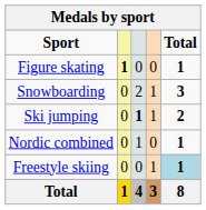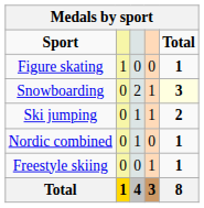 <table class="wikitable" style="font-size:95%;float:right;clear:right;">
 <tr style="background:#efefef;">
 <th colspan=5>Medals by sport</th>
 </tr>
 <tr align=center>
 <td><strong>Sport</strong></td>
 <td bgcolor=#f7f6a8></td>
 <td bgcolor=#dce5e5></td>
 <td bgcolor=#ffdab9></td>
 <td><strong>Total</strong></td>
 </tr>
 <tr align=center>
 <td><a href='#'>Figure skating</a></td>
-<td style="background:#F7F6A8;"><strong>1</strong></td>
+<td style="background:#F7F6A8;">1</td>
 <td style="background:#DCE5E5;">0</td>
 <td style="background:#FFDAB9;">0</td>
 <td><strong>1</strong></td>
 </tr>
 <tr align=center>
 <td><a href='#'>Snowboarding</a></td>
 <td style="background:#F7F6A8;">0</td>
 <td style="background:#DCE5E5;">2</td>
 <td style="background:#FFDAB9;">1</td>
-<td><strong>3</strong></td>
+<td style="background: lightyellow;"><strong>3</strong></td>
 </tr>
 <tr align=center>
 <td><a href='#'>Ski jumping</a></td>
 <td style="background:#F7F6A8;">0</td>
-<td style="background:#DCE5E5;"><strong>1</strong></td>
+<td style="background:#DCE5E5;">1</td>
 <td style="background:#FFDAB9;">1</td>
 <td><strong>2</strong></td>
 </tr>
 <tr align=center>
 <td><a href='#'>Nordic combined</a></td>
 <td style="background:#F7F6A8;">0</td>
 <td style="background:#DCE5E5;">1</td>
 <td style="background:#FFDAB9;">0</td>
 <td><strong>1</strong></td>
 </tr>
 <tr align=center>
 <td><a href='#'>Freestyle skiing</a></td>
 <td style="background:#F7F6A8;">0</td>
 <td style="background:#DCE5E5;">0</td>
 <td style="background:#FFDAB9;">1</td>
-<td style="background: lightblue;"><strong>1</strong></td>
+<td><strong>1</strong></td>
 </tr>
 <tr align=center>
 <th>Total</th>
 <th style="background:gold;">1</th>
 <th style="background:silver;">4</th>
 <th style="background:#c96;">3</th>
 <th>8</th>
 </tr>
 </table>
